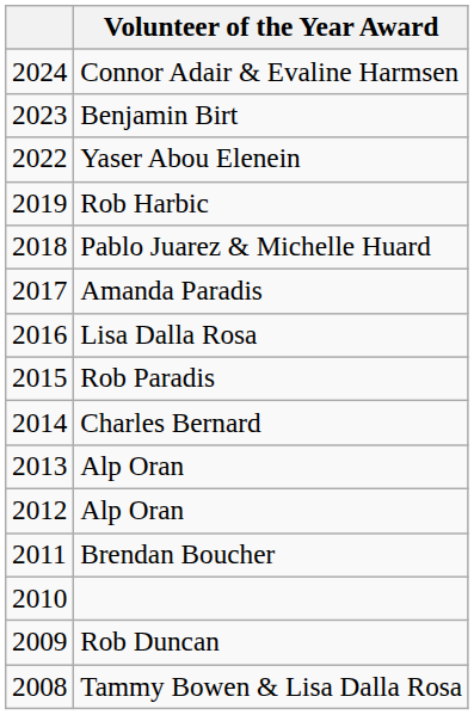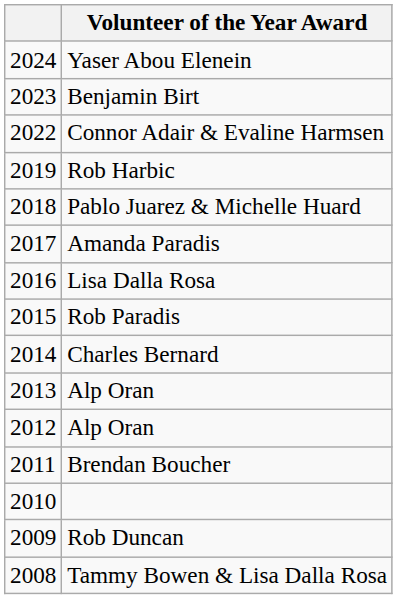 <table class="wikitable">
 <tr>
 <th></th>
 <th><strong>Volunteer of the Year Award</strong></th>
 </tr>
 <tr>
 <td>2024</td>
-<td>Connor Adair & Evaline Harmsen</td>
+<td>Yaser Abou Elenein</td>
 </tr>
 <tr>
 <td>2023</td>
 <td>Benjamin Birt</td>
 </tr>
 <tr>
 <td>2022</td>
-<td>Yaser Abou Elenein</td>
+<td>Connor Adair & Evaline Harmsen</td>
 </tr>
 <tr>
 <td>2019</td>
 <td>Rob Harbic</td>
 </tr>
 <tr>
 <td>2018</td>
 <td>Pablo Juarez & Michelle Huard</td>
 </tr>
 <tr>
 <td>2017</td>
 <td>Amanda Paradis</td>
 </tr>
 <tr>
 <td>2016</td>
 <td>Lisa Dalla Rosa</td>
 </tr>
 <tr>
 <td>2015</td>
 <td>Rob Paradis</td>
 </tr>
 <tr>
 <td>2014</td>
 <td>Charles Bernard</td>
 </tr>
 <tr>
 <td>2013</td>
 <td>Alp Oran</td>
 </tr>
 <tr>
 <td>2012</td>
 <td>Alp Oran</td>
 </tr>
 <tr>
 <td>2011</td>
 <td>Brendan Boucher</td>
 </tr>
 <tr>
 <td>2010</td>
 <td></td>
 </tr>
 <tr>
 <td>2009</td>
 <td>Rob Duncan</td>
 </tr>
 <tr>
 <td>2008</td>
 <td>Tammy Bowen & Lisa Dalla Rosa</td>
 </tr>
 </table>
